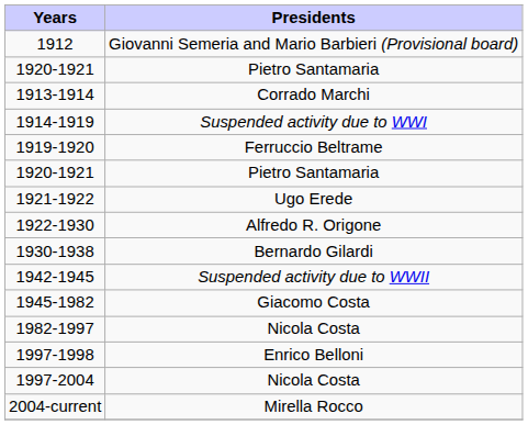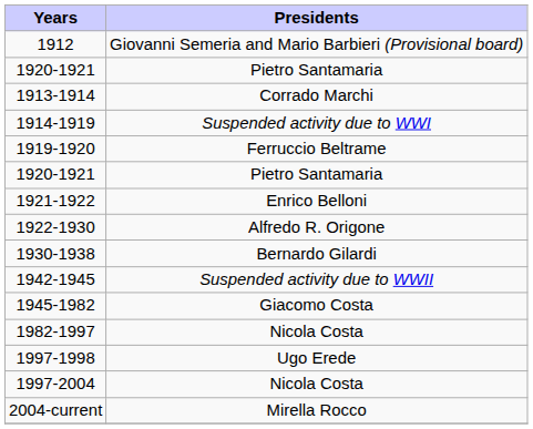 <table class="wikitable" style="text-align:center;" class="wikitable sortable">
 <tr>
 <th style="background:#CCCCFF">Years</th>
 <th style="background:#CCCCFF">Presidents</th>
 </tr>
 <tr>
 <td>1912</td>
 <td>Giovanni Semeria and Mario Barbieri <em>(Provisional board)</em></td>
 </tr>
 <tr>
 <td>1920-1921</td>
 <td>Pietro Santamaria</td>
 </tr>
 <tr>
 <td>1913-1914</td>
 <td>Corrado Marchi</td>
 </tr>
 <tr>
 <td>1914-1919</td>
 <td><em>Suspended activity due to <a href='#'>WWI</a></em></td>
 </tr>
 <tr>
 <td>1919-1920</td>
 <td>Ferruccio Beltrame</td>
 </tr>
 <tr>
 <td>1920-1921</td>
 <td>Pietro Santamaria</td>
 </tr>
 <tr>
 <td>1921-1922</td>
-<td>Ugo Erede</td>
+<td>Enrico Belloni</td>
 </tr>
 <tr>
 <td>1922-1930</td>
 <td>Alfredo R. Origone</td>
 </tr>
 <tr>
 <td>1930-1938</td>
 <td>Bernardo Gilardi</td>
 </tr>
 <tr>
 <td>1942-1945</td>
 <td><em>Suspended activity due to <a href='#'>WWII</a></em></td>
 </tr>
 <tr>
 <td>1945-1982</td>
 <td>Giacomo Costa</td>
 </tr>
 <tr>
 <td>1982-1997</td>
 <td>Nicola Costa</td>
 </tr>
 <tr>
 <td>1997-1998</td>
-<td>Enrico Belloni</td>
+<td>Ugo Erede</td>
 </tr>
 <tr>
 <td>1997-2004</td>
 <td>Nicola Costa</td>
 </tr>
 <tr>
 <td>2004-current</td>
 <td>Mirella Rocco</td>
 </tr>
 <tr>
 </tr>
 </table>
